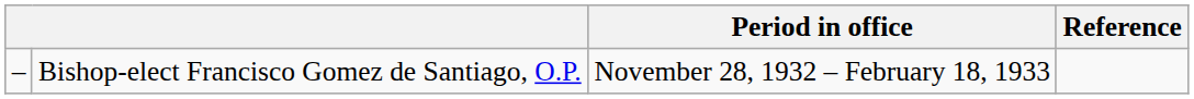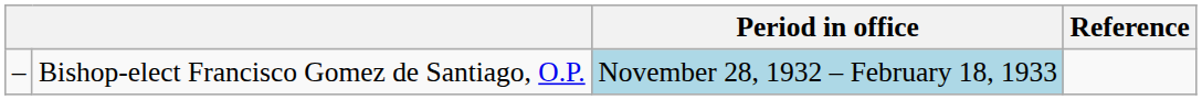 <table class="wikitable">
 <tr>
 <th colspan="2"></th>
 <th>Period in office</th>
 <th>Reference</th>
 </tr>
 <tr>
 <td>–</td>
 <td>Bishop-elect Francisco Gomez de Santiago, <a href='#'>O.P.</a></td>
-<td>November 28, 1932 – February 18, 1933</td>
+<td style="background: lightblue;">November 28, 1932 – February 18, 1933</td>
 <td></td>
 </tr>
 </table>
